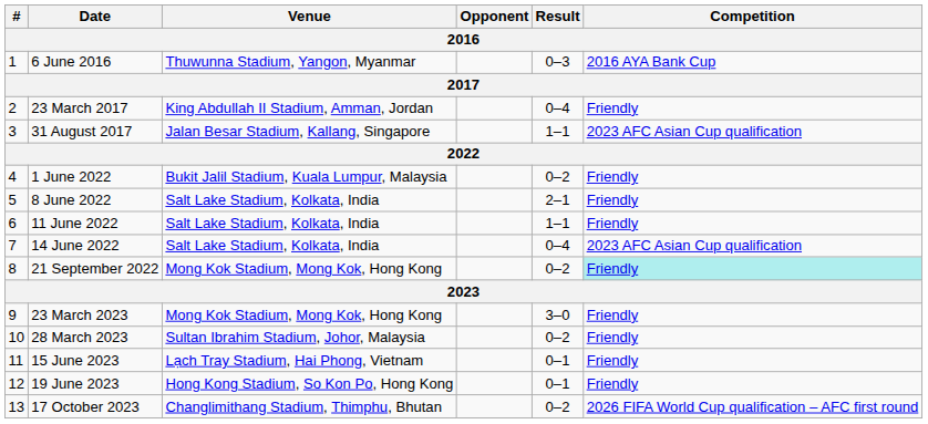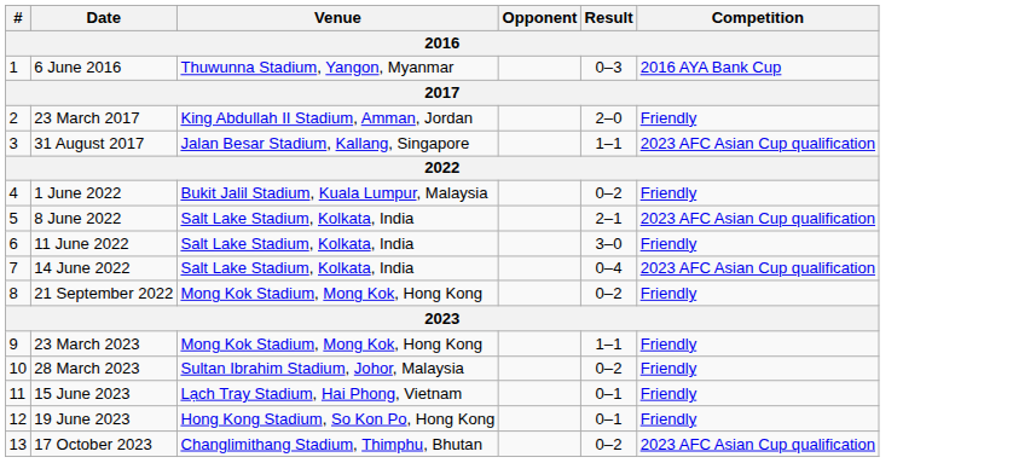 <table class="wikitable collapsible collapsed" style="font-size:90%; text-align: left;">
 <tr bgcolor="#CCCCCC" align="center">
 <th>#</th>
 <th>Date</th>
 <th>Venue</th>
 <th>Opponent</th>
 <th>Result</th>
 <th>Competition</th>
 </tr>
 <tr>
 <th colspan="7">2016</th>
 </tr>
 <tr>
 <td>1</td>
 <td>6 June 2016</td>
 <td><a href='#'>Thuwunna Stadium</a>, <a href='#'>Yangon</a>, Myanmar</td>
 <td></td>
 <td align="center">0–3</td>
 <td><a href='#'>2016 AYA Bank Cup</a></td>
 </tr>
 <tr>
 <th colspan="7">2017</th>
 </tr>
 <tr>
 <td>2</td>
 <td>23 March 2017</td>
 <td><a href='#'>King Abdullah II Stadium</a>, <a href='#'>Amman</a>, Jordan</td>
 <td></td>
-<td align=center>0–4</td>
+<td align=center>2–0</td>
 <td><a href='#'>Friendly</a></td>
 </tr>
 <tr>
 <td>3</td>
 <td>31 August 2017</td>
 <td><a href='#'>Jalan Besar Stadium</a>, <a href='#'>Kallang</a>, Singapore</td>
 <td></td>
 <td align=center>1–1</td>
 <td><a href='#'>2023 AFC Asian Cup qualification</a></td>
 </tr>
 <tr>
 <th colspan="7">2022</th>
 </tr>
 <tr>
 <td>4</td>
 <td>1 June 2022</td>
 <td><a href='#'>Bukit Jalil Stadium</a>, <a href='#'>Kuala Lumpur</a>, Malaysia</td>
 <td></td>
 <td align="center">0–2</td>
 <td><a href='#'>Friendly</a></td>
 </tr>
 <tr>
 <td>5</td>
 <td>8 June 2022</td>
 <td><a href='#'>Salt Lake Stadium</a>, <a href='#'>Kolkata</a>, India</td>
 <td></td>
 <td align=center>2–1</td>
-<td><a href='#'>Friendly</a></td>
+<td><a href='#'>2023 AFC Asian Cup qualification</a></td>
 </tr>
 <tr>
 <td>6</td>
 <td>11 June 2022</td>
 <td><a href='#'>Salt Lake Stadium</a>, <a href='#'>Kolkata</a>, India</td>
 <td></td>
-<td align=center>1–1</td>
+<td align=center>3–0</td>
 <td><a href='#'>Friendly</a></td>
 </tr>
 <tr>
 <td>7</td>
 <td>14 June 2022</td>
 <td><a href='#'>Salt Lake Stadium</a>, <a href='#'>Kolkata</a>, India</td>
 <td></td>
 <td align=center>0–4</td>
 <td><a href='#'>2023 AFC Asian Cup qualification</a></td>
 </tr>
 <tr>
 <td>8</td>
 <td>21 September 2022</td>
 <td><a href='#'>Mong Kok Stadium</a>, <a href='#'>Mong Kok</a>, Hong Kong</td>
 <td></td>
 <td align=center>0–2</td>
-<td style="background: paleturquoise;"><a href='#'>Friendly</a></td>
+<td><a href='#'>Friendly</a></td>
 </tr>
 <tr>
 <th colspan="7">2023</th>
 </tr>
 <tr>
 <td>9</td>
 <td>23 March 2023</td>
 <td><a href='#'>Mong Kok Stadium</a>, <a href='#'>Mong Kok</a>, Hong Kong</td>
 <td></td>
-<td align=center>3–0</td>
+<td align=center>1–1</td>
 <td><a href='#'>Friendly</a></td>
 </tr>
 <tr>
 <td>10</td>
 <td>28 March 2023</td>
 <td><a href='#'>Sultan Ibrahim Stadium</a>, <a href='#'>Johor</a>, Malaysia</td>
 <td></td>
 <td align=center>0–2</td>
 <td><a href='#'>Friendly</a></td>
 </tr>
 <tr>
 <td>11</td>
 <td>15 June 2023</td>
 <td><a href='#'>Lạch Tray Stadium</a>, <a href='#'>Hai Phong</a>, Vietnam</td>
 <td></td>
 <td align=center>0–1</td>
 <td><a href='#'>Friendly</a></td>
 </tr>
 <tr>
 <td>12</td>
 <td>19 June 2023</td>
 <td><a href='#'>Hong Kong Stadium</a>, <a href='#'>So Kon Po</a>, Hong Kong</td>
 <td></td>
 <td align=center>0–1</td>
 <td><a href='#'>Friendly</a></td>
 </tr>
 <tr>
 <td>13</td>
 <td>17 October 2023</td>
 <td><a href='#'>Changlimithang Stadium</a>, <a href='#'>Thimphu</a>, Bhutan</td>
 <td></td>
 <td align=center>0–2</td>
-<td><a href='#'>2026 FIFA World Cup qualification – AFC first round</a></td>
+<td><a href='#'>2023 AFC Asian Cup qualification</a></td>
 </tr>
 </table>
